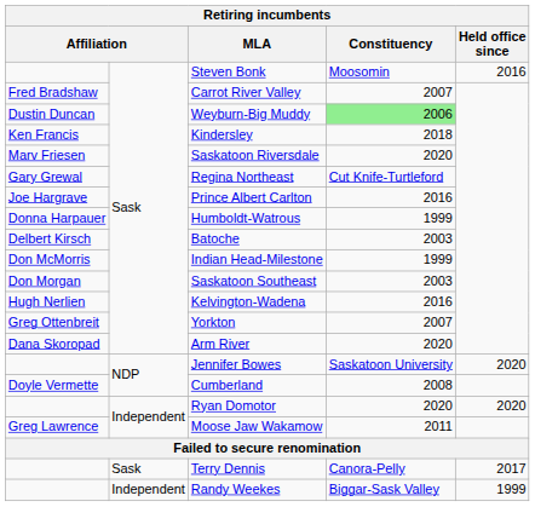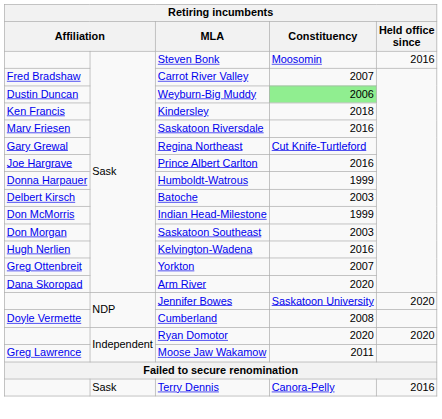 <table class="wikitable">
 <tr>
 <th colspan="5" scope="col">Retiring incumbents</th>
 </tr>
 <tr>
 <th colspan="2">Affiliation</th>
 <th>MLA</th>
 <th>Constituency</th>
 <th>Held office<br>since</th>
 </tr>
 <tr>
 <td style="background-color:"> </td>
 <td style="text-align:left;" rowspan="14">Sask</td>
 <td><a href='#'>Steven Bonk</a></td>
 <td><a href='#'>Moosomin</a></td>
 <td style="text-align:right;">2016</td>
 </tr>
 <tr>
 <td><a href='#'>Fred Bradshaw</a></td>
 <td><a href='#'>Carrot River Valley</a></td>
 <td style="text-align:right;">2007</td>
 </tr>
 <tr>
 <td><a href='#'>Dustin Duncan</a></td>
 <td><a href='#'>Weyburn-Big Muddy</a></td>
 <td style="background: lightgreen; text-align:right;">2006</td>
 </tr>
 <tr>
 <td><a href='#'>Ken Francis</a></td>
 <td><a href='#'>Kindersley</a></td>
 <td style="text-align:right;">2018</td>
 </tr>
 <tr>
 <td><a href='#'>Marv Friesen</a></td>
 <td><a href='#'>Saskatoon Riversdale</a></td>
-<td style="text-align:right;">2020</td>
+<td style="text-align:right;">2016</td>
 </tr>
 <tr>
 <td><a href='#'>Gary Grewal</a></td>
 <td><a href='#'>Regina Northeast</a></td>
 <td><a href='#'>Cut Knife-Turtleford</a></td>
 </tr>
 <tr>
 <td><a href='#'>Joe Hargrave</a></td>
 <td><a href='#'>Prince Albert Carlton</a></td>
 <td style="text-align:right;">2016</td>
 </tr>
 <tr>
 <td><a href='#'>Donna Harpauer</a></td>
 <td><a href='#'>Humboldt-Watrous</a></td>
 <td style="text-align:right;">1999</td>
 </tr>
 <tr>
 <td><a href='#'>Delbert Kirsch</a></td>
 <td><a href='#'>Batoche</a></td>
 <td style="text-align:right;">2003</td>
 </tr>
 <tr>
 <td><a href='#'>Don McMorris</a></td>
 <td><a href='#'>Indian Head-Milestone</a></td>
 <td style="text-align:right;">1999</td>
 </tr>
 <tr>
 <td><a href='#'>Don Morgan</a></td>
 <td><a href='#'>Saskatoon Southeast</a></td>
 <td style="text-align:right;">2003</td>
 </tr>
 <tr>
 <td><a href='#'>Hugh Nerlien</a></td>
 <td><a href='#'>Kelvington-Wadena</a></td>
 <td style="text-align:right;">2016</td>
 </tr>
 <tr>
 <td><a href='#'>Greg Ottenbreit</a></td>
 <td><a href='#'>Yorkton</a></td>
 <td style="text-align:right;">2007</td>
 </tr>
 <tr>
 <td><a href='#'>Dana Skoropad</a></td>
 <td><a href='#'>Arm River</a></td>
 <td style="text-align:right;">2020</td>
 </tr>
 <tr>
 <td style="background-color:"> </td>
 <td style="text-align:left;" rowspan="2">NDP</td>
 <td><a href='#'>Jennifer Bowes</a></td>
 <td><a href='#'>Saskatoon University</a></td>
 <td style="text-align:right;">2020</td>
 </tr>
 <tr>
 <td><a href='#'>Doyle Vermette</a></td>
 <td><a href='#'>Cumberland</a></td>
 <td style="text-align:right;">2008</td>
 </tr>
 <tr>
 <td style="background-color:"> </td>
 <td style="text-align:left;" rowspan="2">Independent</td>
 <td><a href='#'>Ryan Domotor</a></td>
 <td style="text-align:right;">2020</td>
 <td style="text-align:right;">2020</td>
 </tr>
 <tr>
 <td><a href='#'>Greg Lawrence</a></td>
 <td><a href='#'>Moose Jaw Wakamow</a></td>
 <td style="text-align:right;">2011</td>
 </tr>
 <tr>
 <th colspan="5" scope="col">Failed to secure renomination</th>
 </tr>
 <tr>
 <td style="background-color:"> </td>
 <td style="text-align:left;">Sask</td>
 <td><a href='#'>Terry Dennis</a></td>
 <td><a href='#'>Canora-Pelly</a></td>
-<td style="text-align:right;">2017</td>
-</tr>
-<tr>
-<td style="background-color:"> </td>
-<td style="text-align:left;">Independent</td>
-<td><a href='#'>Randy Weekes</a></td>
-<td><a href='#'>Biggar-Sask Valley</a></td>
-<td style="text-align:right;">1999</td>
+<td style="text-align:right;">2016</td>
 </tr>
 </table>
